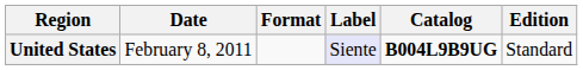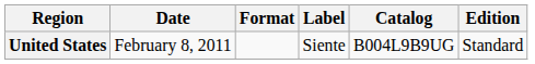 <table class="wikitable plainrowheaders">
 <tr>
 <th scope="col">Region</th>
 <th scope="col">Date</th>
 <th scope="col">Format</th>
 <th scope="col">Label</th>
 <th scope="col">Catalog</th>
 <th scope="col">Edition</th>
 </tr>
 <tr>
 <th scope="row">United States</th>
 <td rowspan=1>February 8, 2011</td>
 <td rowspan=1></td>
-<td rowspan=1 style="background: lavender;">Siente</td>
-<td rowspan=1><strong>B004L9B9UG</strong></td>
+<td rowspan=1>Siente</td>
+<td rowspan=1>B004L9B9UG</td>
 <td rowspan=1>Standard</td>
 </tr>
 <tr>
 </tr>
 </table>
